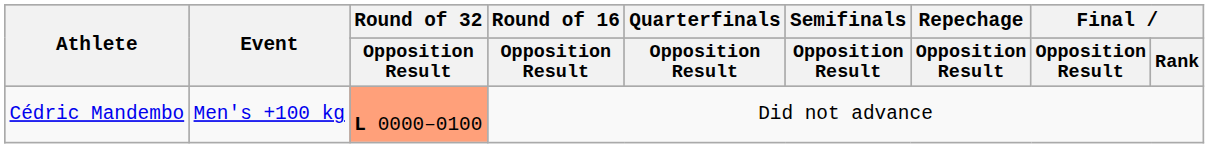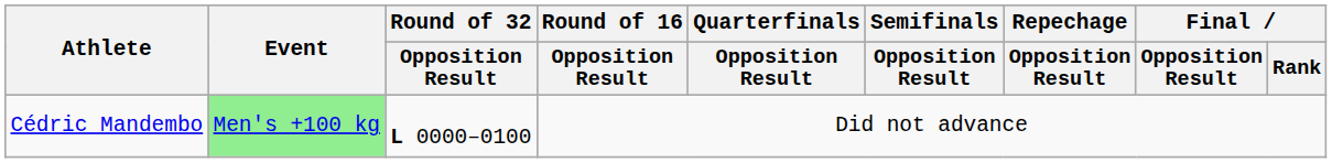 <table class="wikitable" style="font-size:90%">
 <tr>
 <th rowspan=2>Athlete</th>
 <th rowspan=2>Event</th>
 <th>Round of 32</th>
 <th>Round of 16</th>
 <th>Quarterfinals</th>
 <th>Semifinals</th>
 <th>Repechage</th>
 <th colspan=2>Final / </th>
 </tr>
 <tr style="font-size:95%">
 <th>Opposition<br>Result</th>
 <th>Opposition<br>Result</th>
 <th>Opposition<br>Result</th>
 <th>Opposition<br>Result</th>
 <th>Opposition<br>Result</th>
 <th>Opposition<br>Result</th>
 <th>Rank</th>
 </tr>
 <tr align=center>
 <td align=left><a href='#'>Cédric Mandembo</a></td>
-<td align=left><a href='#'>Men's +100 kg</a></td>
-<td style="background: lightsalmon;"><br><strong>L</strong> 0000–0100</td>
+<td align=left style="background: lightgreen;"><a href='#'>Men's +100 kg</a></td>
+<td><br><strong>L</strong> 0000–0100</td>
 <td colspan=6>Did not advance</td>
 </tr>
 </table>
